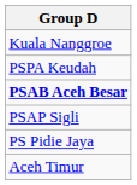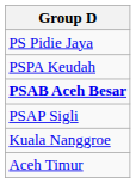 <table class="wikitable">
 <tr>
 <th><strong>Group D</strong></th>
 </tr>
 <tr>
-<td><a href='#'>Kuala Nanggroe</a></td>
+<td><a href='#'>PS Pidie Jaya</a></td>
 </tr>
 <tr>
 <td><a href='#'>PSPA Keudah</a></td>
 </tr>
 <tr>
 <td><strong><a href='#'>PSAB Aceh Besar</a></strong></td>
 </tr>
 <tr>
 <td><a href='#'>PSAP Sigli</a></td>
 </tr>
 <tr>
-<td><a href='#'>PS Pidie Jaya</a></td>
+<td><a href='#'>Kuala Nanggroe</a></td>
 </tr>
 <tr>
 <td><a href='#'>Aceh Timur</a></td>
 </tr>
 </table>
